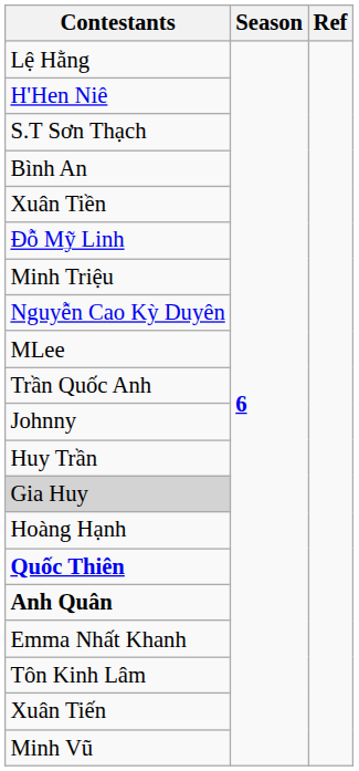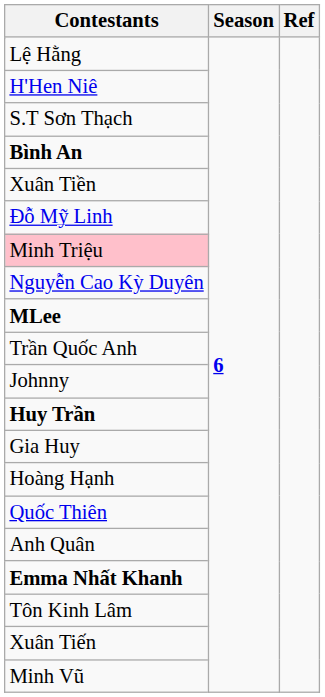 <table class="wikitable">
 <tr>
 <th rowspan="2">Contestants</th>
 <th>Season</th>
 <th><strong>Ref</strong></th>
 </tr>
 <tr>
 <td rowspan="21"><strong><a href='#'>6</a></strong></td>
 <td rowspan="21"></td>
 </tr>
 <tr>
 <td>Lệ Hằng</td>
 </tr>
 <tr>
 <td><a href='#'>H'Hen Niê</a></td>
 </tr>
 <tr>
 <td>S.T Sơn Thạch</td>
 </tr>
 <tr>
-<td>Bình An</td>
+<td><strong>Bình An</strong></td>
 </tr>
 <tr>
 <td>Xuân Tiền</td>
 </tr>
 <tr>
 <td><a href='#'>Đỗ Mỹ Linh</a></td>
 </tr>
 <tr>
-<td>Minh Triệu</td>
+<td style="background: pink;">Minh Triệu</td>
 </tr>
 <tr>
 <td><a href='#'>Nguyễn Cao Kỳ Duyên</a></td>
 </tr>
 <tr>
-<td>MLee</td>
+<td><strong>MLee</strong></td>
 </tr>
 <tr>
 <td>Trần Quốc Anh</td>
 </tr>
 <tr>
 <td>Johnny</td>
 </tr>
 <tr>
-<td>Huy Trần</td>
+<td><strong>Huy Trần</strong></td>
 </tr>
 <tr>
-<td style="background: lightgrey;">Gia Huy</td>
+<td>Gia Huy</td>
 </tr>
 <tr>
 <td>Hoàng Hạnh</td>
 </tr>
 <tr>
-<td><strong><a href='#'>Quốc Thiên</a></strong></td>
+<td><a href='#'>Quốc Thiên</a></td>
 </tr>
 <tr>
-<td><strong>Anh Quân</strong></td>
+<td>Anh Quân</td>
 </tr>
 <tr>
-<td>Emma Nhất Khanh</td>
+<td><strong>Emma Nhất Khanh</strong></td>
 </tr>
 <tr>
 <td>Tôn Kinh Lâm</td>
 </tr>
 <tr>
 <td>Xuân Tiến</td>
 </tr>
 <tr>
 <td>Minh Vũ</td>
 </tr>
 </table>
